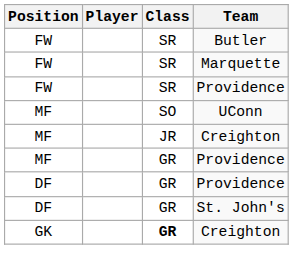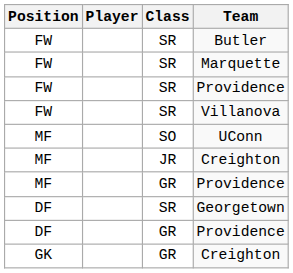 <table class="wikitable sortable">
 <tr>
 <th>Position</th>
 <th>Player</th>
 <th>Class</th>
 <th>Team</th>
 </tr>
 <tr style="text-align:center;">
 <td style="background:white">FW</td>
 <td style="background:white" align="left"></td>
 <td style="background:white">SR</td>
 <td>Butler</td>
 </tr>
 <tr style="text-align:center;">
 <td style="background:white">FW</td>
 <td style="background:white" align="left"></td>
 <td style="background:white">SR</td>
 <td>Marquette</td>
 </tr>
 <tr style="text-align:center;">
 <td style="background:white">FW</td>
 <td style="background:white" align="left"></td>
 <td style="background:white">SR</td>
 <td>Providence</td>
 </tr>
 <tr style="text-align:center;">
+<td style="background:white">FW</td>
+<td style="background:white" align="left"></td>
+<td style="background:white">SR</td>
+<td>Villanova</td>
+</tr>
+<tr style="text-align:center;">
 <td style="background:white">MF</td>
 <td style="background:white" align="left"></td>
 <td style="background:white">SO</td>
 <td>UConn</td>
 </tr>
 <tr style="text-align:center;">
 <td style="background:white">MF</td>
 <td style="background:white" align="left"></td>
 <td style="background:white">JR</td>
 <td>Creighton</td>
 </tr>
 <tr style="text-align:center;">
 <td style="background:white">MF</td>
 <td style="background:white" align="left"></td>
 <td style="background:white">GR</td>
 <td>Providence</td>
 </tr>
 <tr style="text-align:center;">
 <td style="background:white">DF</td>
 <td style="background:white" align="left"></td>
-<td style="background:white">GR</td>
-<td>Providence</td>
+<td style="background:white">SR</td>
+<td>Georgetown</td>
 </tr>
 <tr style="text-align:center;">
 <td style="background:white">DF</td>
 <td style="background:white" align="left"></td>
 <td style="background:white">GR</td>
-<td>St. John's</td>
+<td>Providence</td>
 </tr>
 <tr style="text-align:center;">
 <td style="background:white">GK</td>
 <td style="background:white" align="left"></td>
-<td style="background:white"><strong>GR</strong></td>
+<td style="background:white">GR</td>
 <td>Creighton</td>
 </tr>
 </table>
